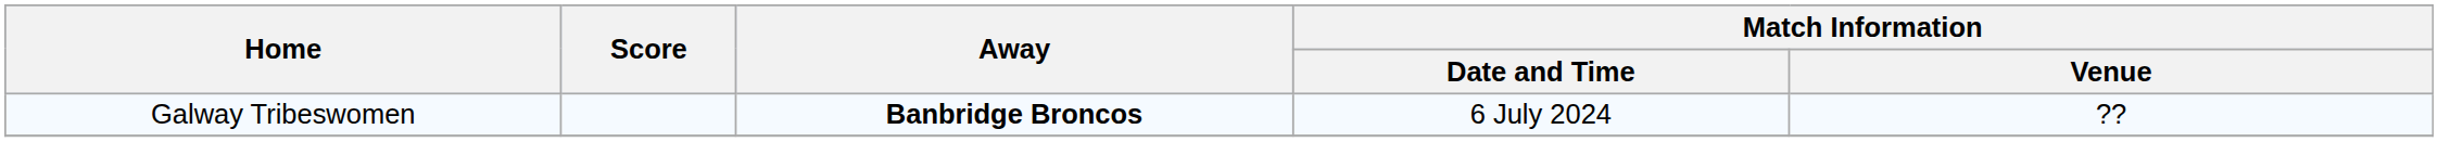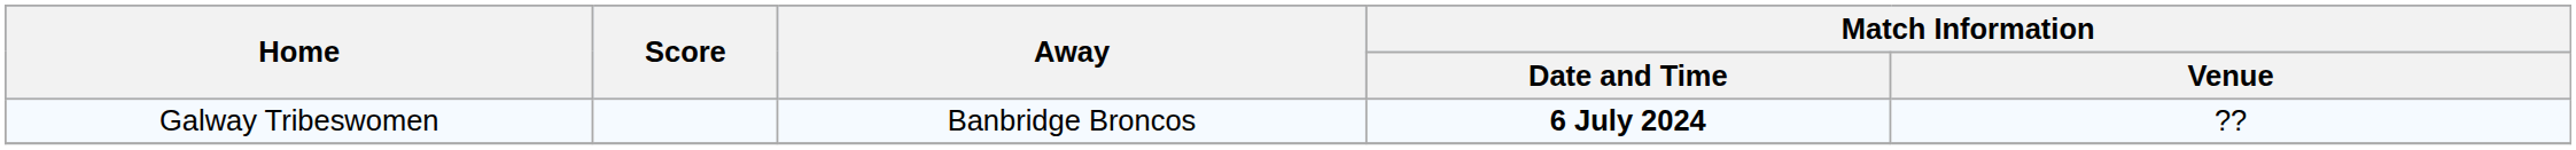 <table class="wikitable" border=1 style="border-collapse:collapse; font-size:90%; text-align:center;" cellpadding=3 cellspacing=0 width=100%>
 <tr style="background:#C1D8ff;">
 <th rowspan="2" width="19%">Home</th>
 <th rowspan="2" width="6%">Score</th>
 <th rowspan="2" width="19%">Away</th>
 <th colspan="4">Match Information</th>
 </tr>
 <tr style="background:#CCCCCC;">
 <th width="17%">Date and Time</th>
 <th width="22%">Venue</th>
 </tr>
 <tr bgcolor="#F5FAFF">
 <td>Galway Tribeswomen</td>
 <td></td>
-<td><strong>Banbridge Broncos</strong></td>
-<td>6 July 2024</td>
+<td>Banbridge Broncos</td>
+<td><strong>6 July 2024</strong></td>
 <td>??</td>
 </tr>
 <tr bgcolor="#F5FAFF">
 </tr>
 </table>
